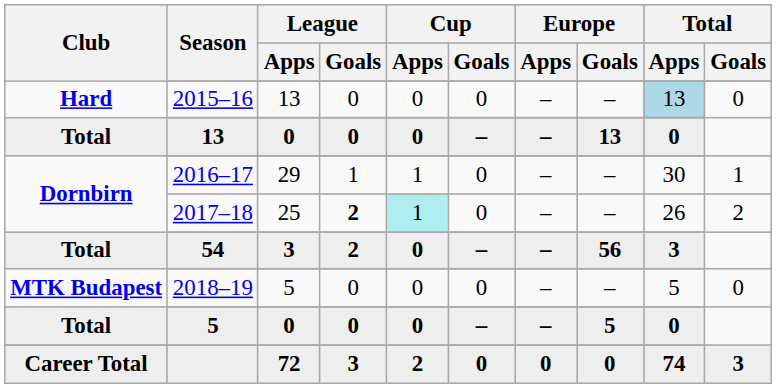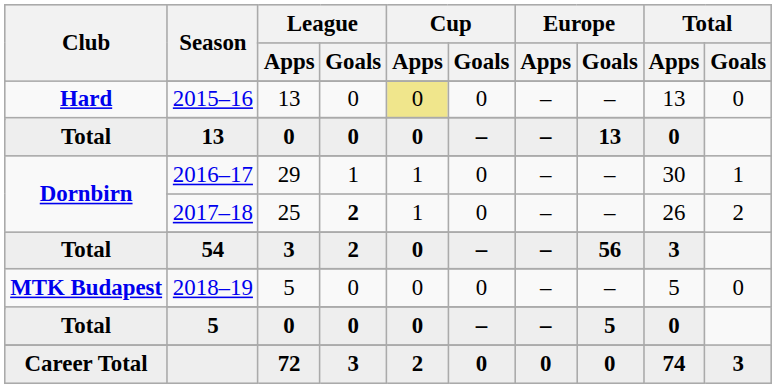 <table class="wikitable" style="font-size:90%; text-align: center;">
 <tr>
 <th rowspan="2">Club</th>
 <th rowspan="2">Season</th>
 <th colspan="2">League</th>
 <th colspan="2">Cup</th>
 <th colspan="2">Europe</th>
 <th colspan="2">Total</th>
 </tr>
 <tr>
 <th>Apps</th>
 <th>Goals</th>
 <th>Apps</th>
 <th>Goals</th>
 <th>Apps</th>
 <th>Goals</th>
 <th>Apps</th>
 <th>Goals</th>
 </tr>
 <tr ||-||-||-|->
 <td rowspan="3" valign="center"><strong><a href='#'>Hard</a></strong></td>
 </tr>
 <tr>
 <td><a href='#'>2015–16</a></td>
 <td>13</td>
 <td>0</td>
-<td>0</td>
+<td style="background: khaki;">0</td>
 <td>0</td>
 <td>–</td>
 <td>–</td>
-<td style="background: lightblue;">13</td>
+<td>13</td>
 <td>0</td>
 </tr>
 <tr>
 </tr>
 <tr style="font-weight:bold; background-color:#eeeeee;">
 <td>Total</td>
 <td>13</td>
 <td>0</td>
 <td>0</td>
 <td>0</td>
 <td>–</td>
 <td>–</td>
 <td>13</td>
 <td>0</td>
 </tr>
 <tr>
 <td rowspan="4" valign="center"><strong><a href='#'>Dornbirn</a></strong></td>
 </tr>
 <tr>
 <td><a href='#'>2016–17</a></td>
 <td>29</td>
 <td>1</td>
 <td>1</td>
 <td>0</td>
 <td>–</td>
 <td>–</td>
 <td>30</td>
 <td>1</td>
 </tr>
 <tr>
 <td><a href='#'>2017–18</a></td>
 <td>25</td>
 <td><strong>2</strong></td>
-<td style="background: paleturquoise;">1</td>
+<td>1</td>
 <td>0</td>
 <td>–</td>
 <td>–</td>
 <td>26</td>
 <td>2</td>
 </tr>
 <tr>
 </tr>
 <tr style="font-weight:bold; background-color:#eeeeee;">
 <td>Total</td>
 <td>54</td>
 <td>3</td>
 <td>2</td>
 <td>0</td>
 <td>–</td>
 <td>–</td>
 <td>56</td>
 <td>3</td>
 </tr>
 <tr>
 <td rowspan="3" valign="center"><strong><a href='#'>MTK Budapest</a></strong></td>
 </tr>
 <tr>
 <td><a href='#'>2018–19</a></td>
 <td>5</td>
 <td>0</td>
 <td>0</td>
 <td>0</td>
 <td>–</td>
 <td>–</td>
 <td>5</td>
 <td>0</td>
 </tr>
 <tr>
 </tr>
 <tr style="font-weight:bold; background-color:#eeeeee;">
 <td>Total</td>
 <td>5</td>
 <td>0</td>
 <td>0</td>
 <td>0</td>
 <td>–</td>
 <td>–</td>
 <td>5</td>
 <td>0</td>
 </tr>
 <tr>
 </tr>
 <tr style="font-weight:bold; background-color:#eeeeee;">
 <td rowspan="2" valign="top"><strong>Career Total</strong></td>
 <td></td>
 <td><strong>72</strong></td>
 <td><strong>3</strong></td>
 <td><strong>2</strong></td>
 <td><strong>0</strong></td>
 <td><strong>0</strong></td>
 <td><strong>0</strong></td>
 <td><strong>74</strong></td>
 <td><strong>3</strong></td>
 </tr>
 </table>
